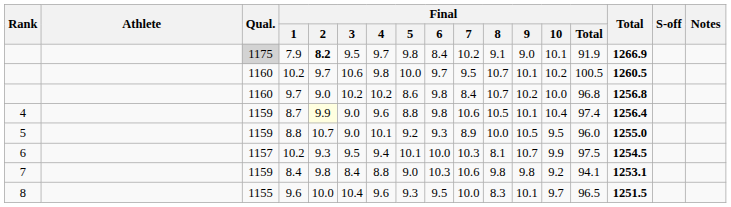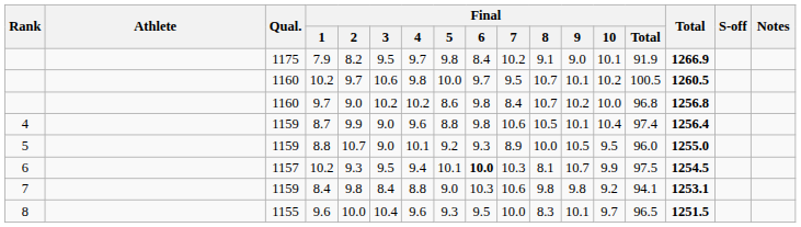 <table class="wikitable" style="text-align:center">
 <tr>
 <th rowspan=2 width=40>Rank</th>
 <th rowspan=2 width=250>Athlete</th>
 <th rowspan=2 width=40>Qual.</th>
 <th colspan=11>Final</th>
 <th rowspan=2 width=50>Total</th>
 <th rowspan=2 width=35>S-off</th>
 <th rowspan=2 width=45>Notes</th>
 </tr>
 <tr>
 <th width=30>1</th>
 <th width=30>2</th>
 <th width=30>3</th>
 <th width=30>4</th>
 <th width=30>5</th>
 <th width=30>6</th>
 <th width=30>7</th>
 <th width=30>8</th>
 <th width=30>9</th>
 <th width=30>10</th>
 <th width=40>Total</th>
 </tr>
 <tr>
 <td></td>
 <td align=left></td>
-<td style="background: lightgrey;">1175</td>
+<td>1175</td>
 <td>7.9</td>
-<td><strong>8.2</strong></td>
+<td>8.2</td>
 <td>9.5</td>
 <td>9.7</td>
 <td>9.8</td>
 <td>8.4</td>
 <td>10.2</td>
 <td>9.1</td>
 <td>9.0</td>
 <td>10.1</td>
 <td>91.9</td>
 <td><strong>1266.9</strong></td>
 <td></td>
 <td></td>
 </tr>
 <tr>
 <td></td>
 <td align=left></td>
 <td>1160</td>
 <td>10.2</td>
 <td>9.7</td>
 <td>10.6</td>
 <td>9.8</td>
 <td>10.0</td>
 <td>9.7</td>
 <td>9.5</td>
 <td>10.7</td>
 <td>10.1</td>
 <td>10.2</td>
 <td>100.5</td>
 <td><strong>1260.5</strong></td>
 <td></td>
 <td></td>
 </tr>
 <tr>
 <td></td>
 <td align=left></td>
 <td>1160</td>
 <td>9.7</td>
 <td>9.0</td>
 <td>10.2</td>
 <td>10.2</td>
 <td>8.6</td>
 <td>9.8</td>
 <td>8.4</td>
 <td>10.7</td>
 <td>10.2</td>
 <td>10.0</td>
 <td>96.8</td>
 <td><strong>1256.8</strong></td>
 <td></td>
 <td></td>
 </tr>
 <tr>
 <td>4</td>
 <td align=left></td>
 <td>1159</td>
 <td>8.7</td>
-<td style="background: lightyellow;">9.9</td>
+<td>9.9</td>
 <td>9.0</td>
 <td>9.6</td>
 <td>8.8</td>
 <td>9.8</td>
 <td>10.6</td>
 <td>10.5</td>
 <td>10.1</td>
 <td>10.4</td>
 <td>97.4</td>
 <td><strong>1256.4</strong></td>
 <td></td>
 <td></td>
 </tr>
 <tr>
 <td>5</td>
 <td align=left></td>
 <td>1159</td>
 <td>8.8</td>
 <td>10.7</td>
 <td>9.0</td>
 <td>10.1</td>
 <td>9.2</td>
 <td>9.3</td>
 <td>8.9</td>
 <td>10.0</td>
 <td>10.5</td>
 <td>9.5</td>
 <td>96.0</td>
 <td><strong>1255.0</strong></td>
 <td></td>
 <td></td>
 </tr>
 <tr>
 <td>6</td>
 <td align=left></td>
 <td>1157</td>
 <td>10.2</td>
 <td>9.3</td>
 <td>9.5</td>
 <td>9.4</td>
 <td>10.1</td>
-<td>10.0</td>
+<td><strong>10.0</strong></td>
 <td>10.3</td>
 <td>8.1</td>
 <td>10.7</td>
 <td>9.9</td>
 <td>97.5</td>
 <td><strong>1254.5</strong></td>
 <td></td>
 <td></td>
 </tr>
 <tr>
 <td>7</td>
 <td align=left></td>
 <td>1159</td>
 <td>8.4</td>
 <td>9.8</td>
 <td>8.4</td>
 <td>8.8</td>
 <td>9.0</td>
 <td>10.3</td>
 <td>10.6</td>
 <td>9.8</td>
 <td>9.8</td>
 <td>9.2</td>
 <td>94.1</td>
 <td><strong>1253.1</strong></td>
 <td></td>
 <td></td>
 </tr>
 <tr>
 <td>8</td>
 <td align=left></td>
 <td>1155</td>
 <td>9.6</td>
 <td>10.0</td>
 <td>10.4</td>
 <td>9.6</td>
 <td>9.3</td>
 <td>9.5</td>
 <td>10.0</td>
 <td>8.3</td>
 <td>10.1</td>
 <td>9.7</td>
 <td>96.5</td>
 <td><strong>1251.5</strong></td>
 <td></td>
 <td></td>
 </tr>
 </table>
